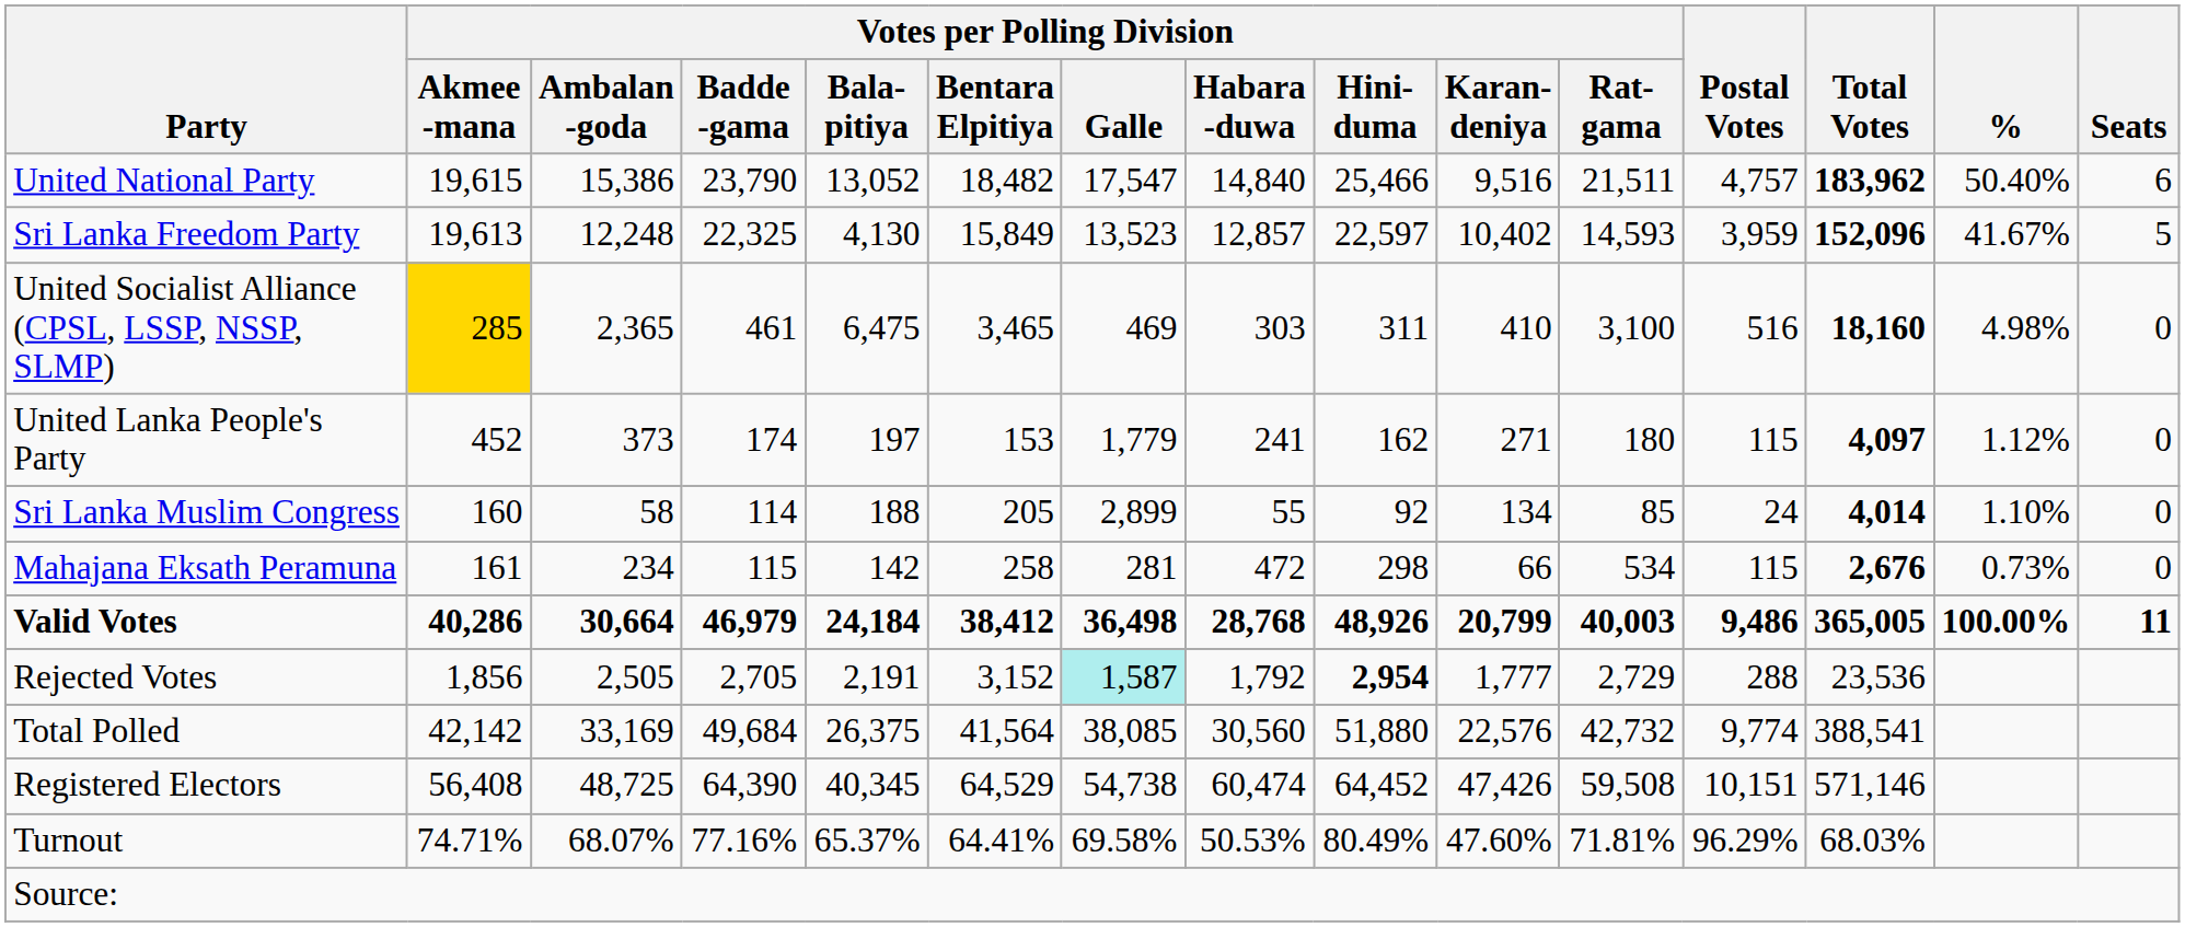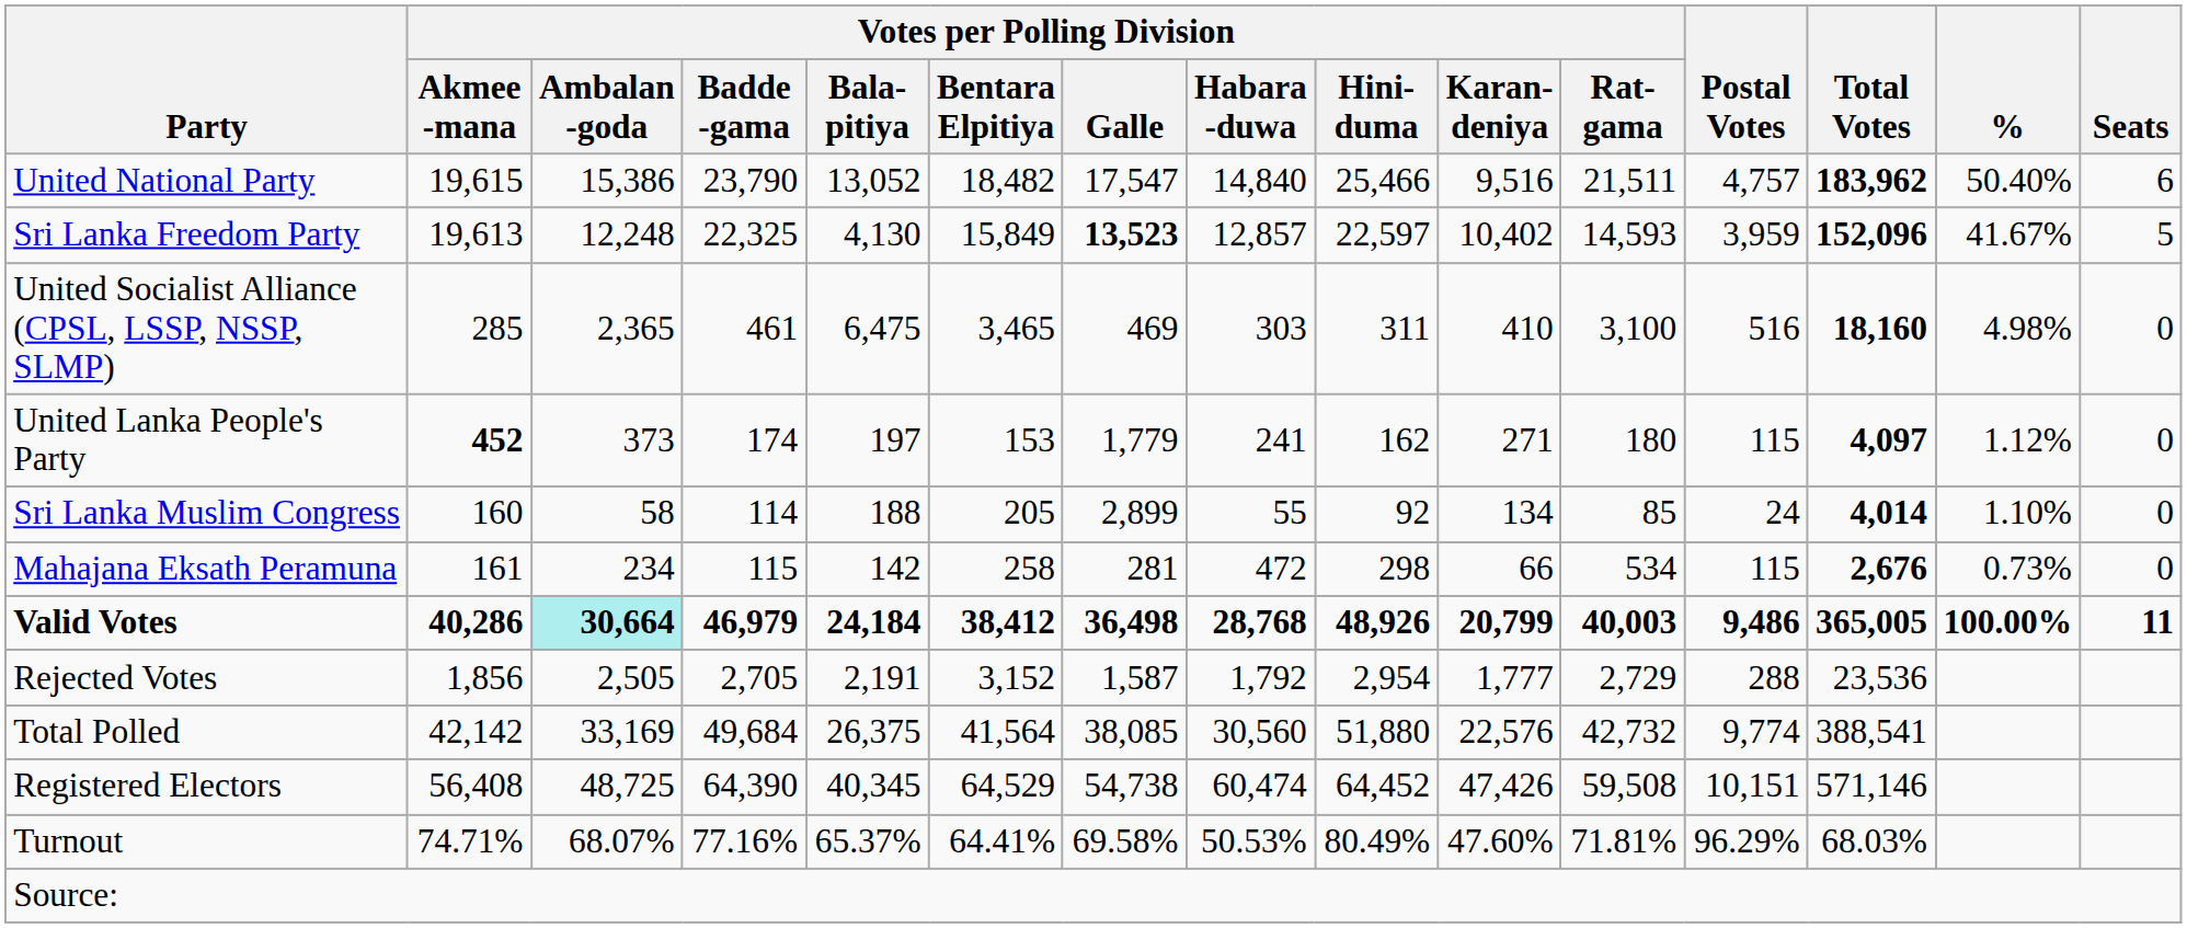 <table class="wikitable" border="1" style="text-align:right;">
 <tr>
 <th rowspan="2" align="left" valign="bottom" width="180">Party</th>
 <th colspan="10">Votes per Polling Division</th>
 <th rowspan="2" align="center" valign="bottom" width="50">Postal<br>Votes</th>
 <th rowspan="2" align="center" valign="bottom" width="50">Total Votes</th>
 <th rowspan="2" align="center" valign="bottom" width="50">%</th>
 <th rowspan="2" align="center" valign="bottom" width="40">Seats</th>
 </tr>
 <tr>
 <th align="center" valign="bottom" width="50">Akmee<br>-mana</th>
 <th align="center" valign="bottom" width="50">Ambalan<br>-goda</th>
 <th align="center" valign="bottom" width="50">Badde<br>-gama</th>
 <th align="center" valign="bottom" width="50">Bala-<br>pitiya</th>
 <th align="center" valign="bottom" width="50">Bentara<br>Elpitiya</th>
 <th align="center" valign="bottom" width="50">Galle</th>
 <th align="center" valign="bottom" width="50">Habara<br>-duwa</th>
 <th align="center" valign="bottom" width="50">Hini-<br>duma</th>
 <th align="center" valign="bottom" width="50">Karan-<br>deniya</th>
 <th align="center" valign="bottom" width="50">Rat-<br>gama</th>
 </tr>
 <tr>
 <td align="left"><a href='#'>United National Party</a></td>
 <td>19,615</td>
 <td>15,386</td>
 <td>23,790</td>
 <td>13,052</td>
 <td>18,482</td>
 <td>17,547</td>
 <td>14,840</td>
 <td>25,466</td>
 <td>9,516</td>
 <td>21,511</td>
 <td>4,757</td>
 <td><strong>183,962</strong></td>
 <td>50.40%</td>
 <td>6</td>
 </tr>
 <tr>
 <td align="left"><a href='#'>Sri Lanka Freedom Party</a></td>
 <td>19,613</td>
 <td>12,248</td>
 <td>22,325</td>
 <td>4,130</td>
 <td>15,849</td>
-<td>13,523</td>
+<td><strong>13,523</strong></td>
 <td>12,857</td>
 <td>22,597</td>
 <td>10,402</td>
 <td>14,593</td>
 <td>3,959</td>
 <td><strong>152,096</strong></td>
 <td>41.67%</td>
 <td>5</td>
 </tr>
 <tr>
 <td align="left">United Socialist Alliance<br>(<a href='#'>CPSL</a>, <a href='#'>LSSP</a>, <a href='#'>NSSP</a>, <a href='#'>SLMP</a>)</td>
-<td style="background: gold;">285</td>
+<td>285</td>
 <td>2,365</td>
 <td>461</td>
 <td>6,475</td>
 <td>3,465</td>
 <td>469</td>
 <td>303</td>
 <td>311</td>
 <td>410</td>
 <td>3,100</td>
 <td>516</td>
 <td><strong>18,160</strong></td>
 <td>4.98%</td>
 <td>0</td>
 </tr>
 <tr>
 <td align="left">United Lanka People's Party</td>
-<td>452</td>
+<td><strong>452</strong></td>
 <td>373</td>
 <td>174</td>
 <td>197</td>
 <td>153</td>
 <td>1,779</td>
 <td>241</td>
 <td>162</td>
 <td>271</td>
 <td>180</td>
 <td>115</td>
 <td><strong>4,097</strong></td>
 <td>1.12%</td>
 <td>0</td>
 </tr>
 <tr>
 <td align="left"><a href='#'>Sri Lanka Muslim Congress</a></td>
 <td>160</td>
 <td>58</td>
 <td>114</td>
 <td>188</td>
 <td>205</td>
 <td>2,899</td>
 <td>55</td>
 <td>92</td>
 <td>134</td>
 <td>85</td>
 <td>24</td>
 <td><strong>4,014</strong></td>
 <td>1.10%</td>
 <td>0</td>
 </tr>
 <tr>
 <td align="left"><a href='#'>Mahajana Eksath Peramuna</a></td>
 <td>161</td>
 <td>234</td>
 <td>115</td>
 <td>142</td>
 <td>258</td>
 <td>281</td>
 <td>472</td>
 <td>298</td>
 <td>66</td>
 <td>534</td>
 <td>115</td>
 <td><strong>2,676</strong></td>
 <td>0.73%</td>
 <td>0</td>
 </tr>
 <tr>
 <td align="left"><strong>Valid Votes</strong></td>
 <td><strong>40,286</strong></td>
-<td><strong>30,664</strong></td>
+<td style="background: paleturquoise;"><strong>30,664</strong></td>
 <td><strong>46,979</strong></td>
 <td><strong>24,184</strong></td>
 <td><strong>38,412</strong></td>
 <td><strong>36,498</strong></td>
 <td><strong>28,768</strong></td>
 <td><strong>48,926</strong></td>
 <td><strong>20,799</strong></td>
 <td><strong>40,003</strong></td>
 <td><strong>9,486</strong></td>
 <td><strong>365,005</strong></td>
 <td><strong>100.00%</strong></td>
 <td><strong>11</strong></td>
 </tr>
 <tr>
 <td align="left">Rejected Votes</td>
 <td>1,856</td>
 <td>2,505</td>
 <td>2,705</td>
 <td>2,191</td>
 <td>3,152</td>
-<td style="background: paleturquoise;">1,587</td>
+<td>1,587</td>
 <td>1,792</td>
-<td><strong>2,954</strong></td>
+<td>2,954</td>
 <td>1,777</td>
 <td>2,729</td>
 <td>288</td>
 <td>23,536</td>
 <td></td>
 <td></td>
 </tr>
 <tr>
 <td align="left">Total Polled</td>
 <td>42,142</td>
 <td>33,169</td>
 <td>49,684</td>
 <td>26,375</td>
 <td>41,564</td>
 <td>38,085</td>
 <td>30,560</td>
 <td>51,880</td>
 <td>22,576</td>
 <td>42,732</td>
 <td>9,774</td>
 <td>388,541</td>
 <td></td>
 <td></td>
 </tr>
 <tr>
 <td align="left">Registered Electors</td>
 <td>56,408</td>
 <td>48,725</td>
 <td>64,390</td>
 <td>40,345</td>
 <td>64,529</td>
 <td>54,738</td>
 <td>60,474</td>
 <td>64,452</td>
 <td>47,426</td>
 <td>59,508</td>
 <td>10,151</td>
 <td>571,146</td>
 <td></td>
 <td></td>
 </tr>
 <tr>
 <td align="left">Turnout</td>
 <td>74.71%</td>
 <td>68.07%</td>
 <td>77.16%</td>
 <td>65.37%</td>
 <td>64.41%</td>
 <td>69.58%</td>
 <td>50.53%</td>
 <td>80.49%</td>
 <td>47.60%</td>
 <td>71.81%</td>
 <td>96.29%</td>
 <td>68.03%</td>
 <td></td>
 <td></td>
 </tr>
 <tr>
 <td colspan="16" align="left">Source:</td>
 </tr>
 </table>
